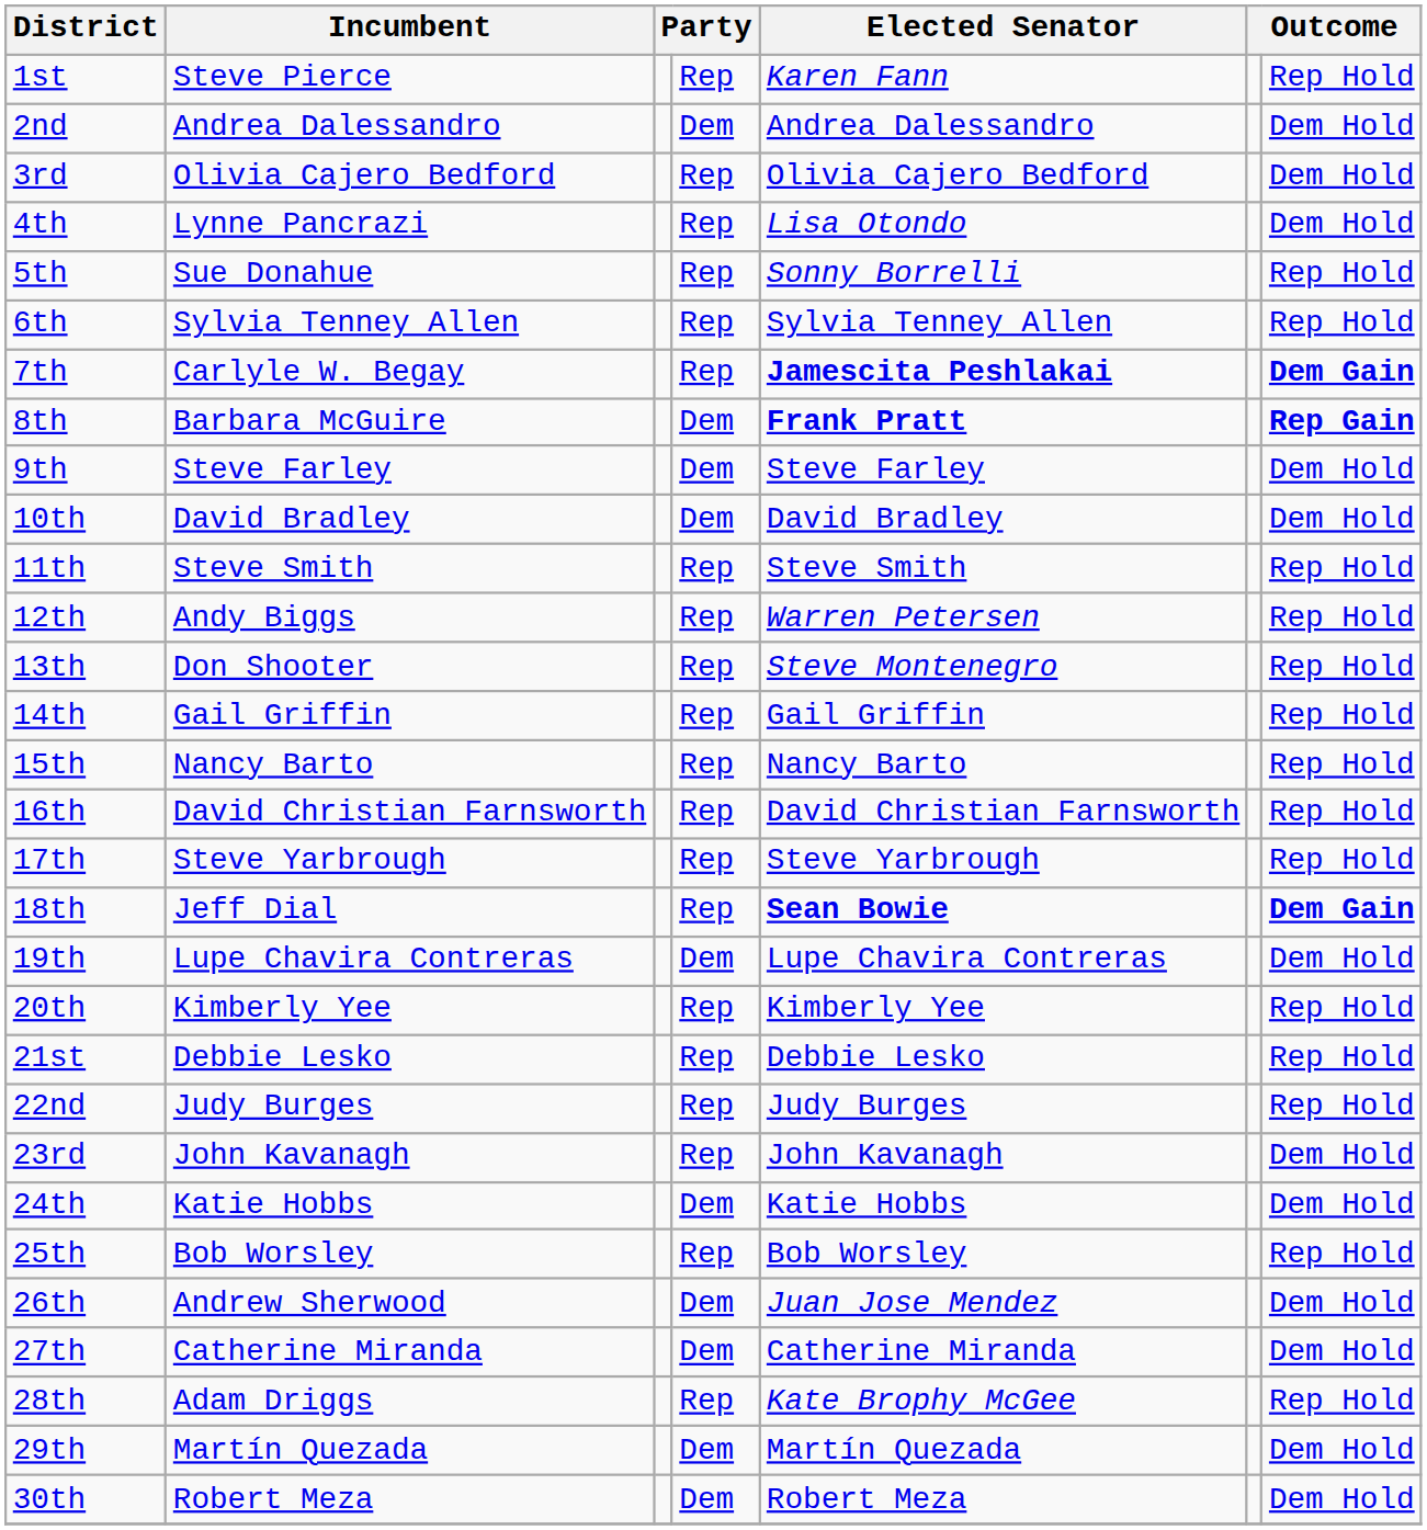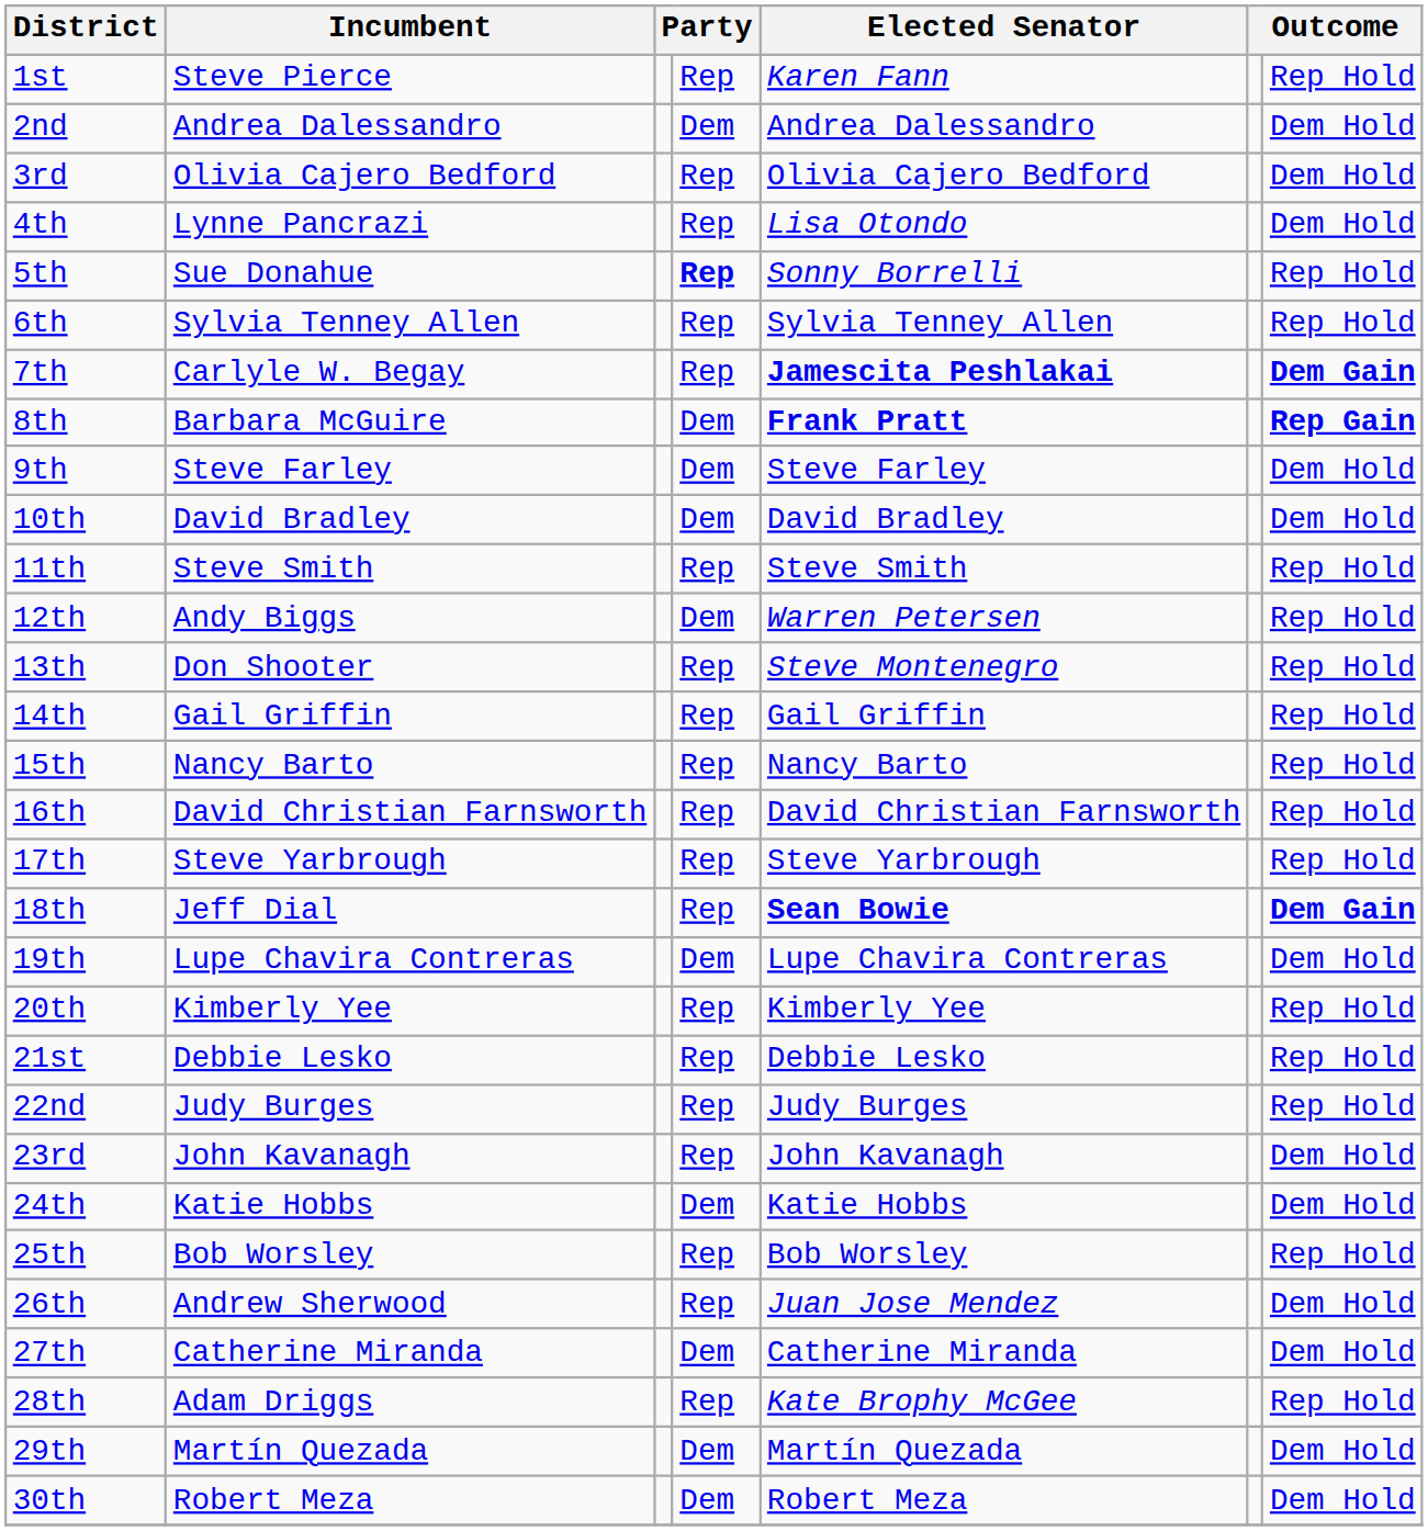 <table class="sortable wikitable" style="font-size:95%;line-height:14px;">
 <tr>
 <th>District</th>
 <th>Incumbent</th>
 <th colspan="2">Party</th>
 <th>Elected Senator</th>
 <th colspan="2">Outcome</th>
 </tr>
 <tr>
 <td><a href='#'>1st</a></td>
 <td><a href='#'>Steve Pierce</a></td>
 <td style="background:"></td>
 <td><a href='#'>Rep</a></td>
 <td><em><a href='#'>Karen Fann</a></em></td>
 <td style="background:"></td>
 <td><a href='#'>Rep Hold</a></td>
 </tr>
 <tr>
 <td><a href='#'>2nd</a></td>
 <td><a href='#'>Andrea Dalessandro</a></td>
 <td style="background:"></td>
 <td><a href='#'>Dem</a></td>
 <td><a href='#'>Andrea Dalessandro</a></td>
 <td style="background:"></td>
 <td><a href='#'>Dem Hold</a></td>
 </tr>
 <tr>
 <td><a href='#'>3rd</a></td>
 <td><a href='#'>Olivia Cajero Bedford</a></td>
 <td style="background:"></td>
 <td><a href='#'>Rep</a></td>
 <td><a href='#'>Olivia Cajero Bedford</a></td>
 <td style="background:"></td>
 <td><a href='#'>Dem Hold</a></td>
 </tr>
 <tr>
 <td><a href='#'>4th</a></td>
 <td><a href='#'>Lynne Pancrazi</a></td>
 <td style="background:"></td>
 <td><a href='#'>Rep</a></td>
 <td><em><a href='#'>Lisa Otondo</a></em></td>
 <td style="background:"></td>
 <td><a href='#'>Dem Hold</a></td>
 </tr>
 <tr>
 <td><a href='#'>5th</a></td>
 <td><a href='#'>Sue Donahue</a></td>
 <td style="background:"></td>
-<td><a href='#'>Rep</a></td>
+<td><strong><a href='#'>Rep</a></strong></td>
 <td><em><a href='#'>Sonny Borrelli</a></em></td>
 <td style="background:"></td>
 <td><a href='#'>Rep Hold</a></td>
 </tr>
 <tr>
 <td><a href='#'>6th</a></td>
 <td><a href='#'>Sylvia Tenney Allen</a></td>
 <td style="background:"></td>
 <td><a href='#'>Rep</a></td>
 <td><a href='#'>Sylvia Tenney Allen</a></td>
 <td style="background:"></td>
 <td><a href='#'>Rep Hold</a></td>
 </tr>
 <tr>
 <td><a href='#'>7th</a></td>
 <td><a href='#'>Carlyle W. Begay</a></td>
 <td style="background:"></td>
 <td><a href='#'>Rep</a></td>
 <td><strong><a href='#'>Jamescita Peshlakai</a></strong></td>
 <td style="background:"></td>
 <td><strong><a href='#'>Dem Gain</a></strong></td>
 </tr>
 <tr>
 <td><a href='#'>8th</a></td>
 <td><a href='#'>Barbara McGuire</a></td>
 <td style="background:"></td>
 <td><a href='#'>Dem</a></td>
 <td><strong><a href='#'>Frank Pratt</a></strong></td>
 <td style="background:"></td>
 <td><strong><a href='#'>Rep Gain</a></strong></td>
 </tr>
 <tr>
 <td><a href='#'>9th</a></td>
 <td><a href='#'>Steve Farley</a></td>
 <td style="background:"></td>
 <td><a href='#'>Dem</a></td>
 <td><a href='#'>Steve Farley</a></td>
 <td style="background:"></td>
 <td><a href='#'>Dem Hold</a></td>
 </tr>
 <tr>
 <td><a href='#'>10th</a></td>
 <td><a href='#'>David Bradley</a></td>
 <td style="background:"></td>
 <td><a href='#'>Dem</a></td>
 <td><a href='#'>David Bradley</a></td>
 <td style="background:"></td>
 <td><a href='#'>Dem Hold</a></td>
 </tr>
 <tr>
 <td><a href='#'>11th</a></td>
 <td><a href='#'>Steve Smith</a></td>
 <td style="background:"></td>
 <td><a href='#'>Rep</a></td>
 <td><a href='#'>Steve Smith</a></td>
 <td style="background:"></td>
 <td><a href='#'>Rep Hold</a></td>
 </tr>
 <tr>
 <td><a href='#'>12th</a></td>
 <td><a href='#'>Andy Biggs</a></td>
 <td style="background:"></td>
-<td><a href='#'>Rep</a></td>
+<td><a href='#'>Dem</a></td>
 <td><em><a href='#'>Warren Petersen</a></em></td>
 <td style="background:"></td>
 <td><a href='#'>Rep Hold</a></td>
 </tr>
 <tr>
 <td><a href='#'>13th</a></td>
 <td><a href='#'>Don Shooter</a></td>
 <td style="background:"></td>
 <td><a href='#'>Rep</a></td>
 <td><em><a href='#'>Steve Montenegro</a></em></td>
 <td style="background:"></td>
 <td><a href='#'>Rep Hold</a></td>
 </tr>
 <tr>
 <td><a href='#'>14th</a></td>
 <td><a href='#'>Gail Griffin</a></td>
 <td style="background:"></td>
 <td><a href='#'>Rep</a></td>
 <td><a href='#'>Gail Griffin</a></td>
 <td style="background:"></td>
 <td><a href='#'>Rep Hold</a></td>
 </tr>
 <tr>
 <td><a href='#'>15th</a></td>
 <td><a href='#'>Nancy Barto</a></td>
 <td style="background:"></td>
 <td><a href='#'>Rep</a></td>
 <td><a href='#'>Nancy Barto</a></td>
 <td style="background:"></td>
 <td><a href='#'>Rep Hold</a></td>
 </tr>
 <tr>
 <td><a href='#'>16th</a></td>
 <td><a href='#'>David Christian Farnsworth</a></td>
 <td style="background:"></td>
 <td><a href='#'>Rep</a></td>
 <td><a href='#'>David Christian Farnsworth</a></td>
 <td style="background:"></td>
 <td><a href='#'>Rep Hold</a></td>
 </tr>
 <tr>
 <td><a href='#'>17th</a></td>
 <td><a href='#'>Steve Yarbrough</a></td>
 <td style="background:"></td>
 <td><a href='#'>Rep</a></td>
 <td><a href='#'>Steve Yarbrough</a></td>
 <td style="background:"></td>
 <td><a href='#'>Rep Hold</a></td>
 </tr>
 <tr>
 <td><a href='#'>18th</a></td>
 <td><a href='#'>Jeff Dial</a></td>
 <td style="background:"></td>
 <td><a href='#'>Rep</a></td>
 <td><strong><a href='#'>Sean Bowie</a></strong></td>
 <td style="background:"></td>
 <td><strong><a href='#'>Dem Gain</a></strong></td>
 </tr>
 <tr>
 <td><a href='#'>19th</a></td>
 <td><a href='#'>Lupe Chavira Contreras</a></td>
 <td style="background:"></td>
 <td><a href='#'>Dem</a></td>
 <td><a href='#'>Lupe Chavira Contreras</a></td>
 <td style="background:"></td>
 <td><a href='#'>Dem Hold</a></td>
 </tr>
 <tr>
 <td><a href='#'>20th</a></td>
 <td><a href='#'>Kimberly Yee</a></td>
 <td style="background:"></td>
 <td><a href='#'>Rep</a></td>
 <td><a href='#'>Kimberly Yee</a></td>
 <td style="background:"></td>
 <td><a href='#'>Rep Hold</a></td>
 </tr>
 <tr>
 <td><a href='#'>21st</a></td>
 <td><a href='#'>Debbie Lesko</a></td>
 <td style="background:"></td>
 <td><a href='#'>Rep</a></td>
 <td><a href='#'>Debbie Lesko</a></td>
 <td style="background:"></td>
 <td><a href='#'>Rep Hold</a></td>
 </tr>
 <tr>
 <td><a href='#'>22nd</a></td>
 <td><a href='#'>Judy Burges</a></td>
 <td style="background:"></td>
 <td><a href='#'>Rep</a></td>
 <td><a href='#'>Judy Burges</a></td>
 <td style="background:"></td>
 <td><a href='#'>Rep Hold</a></td>
 </tr>
 <tr>
 <td><a href='#'>23rd</a></td>
 <td><a href='#'>John Kavanagh</a></td>
 <td style="background:"></td>
 <td><a href='#'>Rep</a></td>
 <td><a href='#'>John Kavanagh</a></td>
 <td style="background:"></td>
 <td><a href='#'>Dem Hold</a></td>
 </tr>
 <tr>
 <td><a href='#'>24th</a></td>
 <td><a href='#'>Katie Hobbs</a></td>
 <td style="background:"></td>
 <td><a href='#'>Dem</a></td>
 <td><a href='#'>Katie Hobbs</a></td>
 <td style="background:"></td>
 <td><a href='#'>Dem Hold</a></td>
 </tr>
 <tr>
 <td><a href='#'>25th</a></td>
 <td><a href='#'>Bob Worsley</a></td>
 <td style="background:"></td>
 <td><a href='#'>Rep</a></td>
 <td><a href='#'>Bob Worsley</a></td>
 <td style="background:"></td>
 <td><a href='#'>Rep Hold</a></td>
 </tr>
 <tr>
 <td><a href='#'>26th</a></td>
 <td><a href='#'>Andrew Sherwood</a></td>
 <td style="background:"></td>
-<td><a href='#'>Dem</a></td>
+<td><a href='#'>Rep</a></td>
 <td><em><a href='#'>Juan Jose Mendez</a></em></td>
 <td style="background:"></td>
 <td><a href='#'>Dem Hold</a></td>
 </tr>
 <tr>
 <td><a href='#'>27th</a></td>
 <td><a href='#'>Catherine Miranda</a></td>
 <td style="background:"></td>
 <td><a href='#'>Dem</a></td>
 <td><a href='#'>Catherine Miranda</a></td>
 <td style="background:"></td>
 <td><a href='#'>Dem Hold</a></td>
 </tr>
 <tr>
 <td><a href='#'>28th</a></td>
 <td><a href='#'>Adam Driggs</a></td>
 <td style="background:"></td>
 <td><a href='#'>Rep</a></td>
 <td><em><a href='#'>Kate Brophy McGee</a></em></td>
 <td style="background:"></td>
 <td><a href='#'>Rep Hold</a></td>
 </tr>
 <tr>
 <td><a href='#'>29th</a></td>
 <td><a href='#'>Martín Quezada</a></td>
 <td style="background:"></td>
 <td><a href='#'>Dem</a></td>
 <td><a href='#'>Martín Quezada</a></td>
 <td style="background:"></td>
 <td><a href='#'>Dem Hold</a></td>
 </tr>
 <tr>
 <td><a href='#'>30th</a></td>
 <td><a href='#'>Robert Meza</a></td>
 <td style="background:"></td>
 <td><a href='#'>Dem</a></td>
 <td><a href='#'>Robert Meza</a></td>
 <td style="background:"></td>
 <td><a href='#'>Dem Hold</a></td>
 </tr>
 <tr>
 </tr>
 </table>
